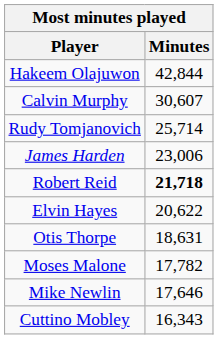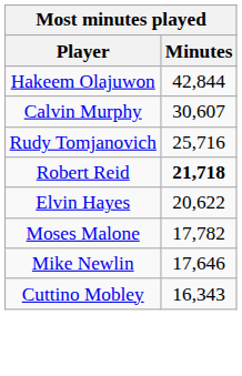 <table class="wikitable sortable" style="text-align:center">
 <tr>
 <th colspan="2" style="text-align:center; ">Most minutes played</th>
 </tr>
 <tr>
 <th style="text-align:center; ">Player</th>
 <th style="text-align:center; ">Minutes</th>
 </tr>
 <tr>
 <td><a href='#'>Hakeem Olajuwon</a></td>
 <td>42,844</td>
 </tr>
 <tr>
 <td><a href='#'>Calvin Murphy</a></td>
 <td>30,607</td>
 </tr>
 <tr>
 <td><a href='#'>Rudy Tomjanovich</a></td>
-<td>25,714</td>
-</tr>
-<tr>
-<td><em><a href='#'>James Harden</a></em></td>
-<td>23,006</td>
+<td>25,716</td>
 </tr>
 <tr>
 <td><a href='#'>Robert Reid</a></td>
 <td><strong>21,718</strong></td>
 </tr>
 <tr>
 <td><a href='#'>Elvin Hayes</a></td>
 <td>20,622</td>
-</tr>
-<tr>
-<td><a href='#'>Otis Thorpe</a></td>
-<td>18,631</td>
 </tr>
 <tr>
 <td><a href='#'>Moses Malone</a></td>
 <td>17,782</td>
 </tr>
 <tr>
 <td><a href='#'>Mike Newlin</a></td>
 <td>17,646</td>
 </tr>
 <tr>
 <td><a href='#'>Cuttino Mobley</a></td>
 <td>16,343</td>
 </tr>
 </table>
